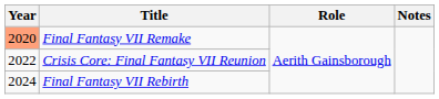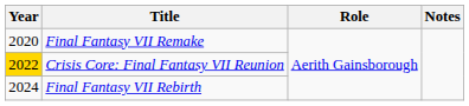 <table class="wikitable sortable plainrowheaders">
 <tr>
 <th>Year</th>
 <th>Title</th>
 <th>Role</th>
 <th class="unsortable">Notes</th>
 </tr>
 <tr>
-<td style="background: lightsalmon;">2020</td>
+<td>2020</td>
 <td><em><a href='#'>Final Fantasy VII Remake</a></em></td>
 <td rowspan="3"><a href='#'>Aerith Gainsborough</a></td>
 <td rowspan="3"></td>
 </tr>
 <tr>
-<td>2022</td>
+<td style="background: gold;">2022</td>
 <td><em><a href='#'>Crisis Core: Final Fantasy VII Reunion</a></em></td>
 </tr>
 <tr>
 <td>2024</td>
 <td><em><a href='#'>Final Fantasy VII Rebirth</a></em></td>
 </tr>
 </table>
